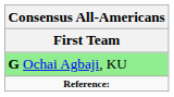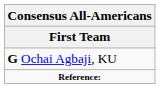 <table class="wikitable" style="font-size: 95%">
 <tr>
 <th>Consensus All-Americans</th>
 </tr>
 <tr>
 <th>First Team</th>
 </tr>
 <tr>
-<td style="background: lightgreen;"><strong>G</strong> <a href='#'>Ochai Agbaji</a>, KU</td>
+<td><strong>G</strong> <a href='#'>Ochai Agbaji</a>, KU</td>
 </tr>
 <tr>
 <td colspan="2" style="font-size:8pt; text-align:center;"><strong>Reference:</strong></td>
 </tr>
 </table>
